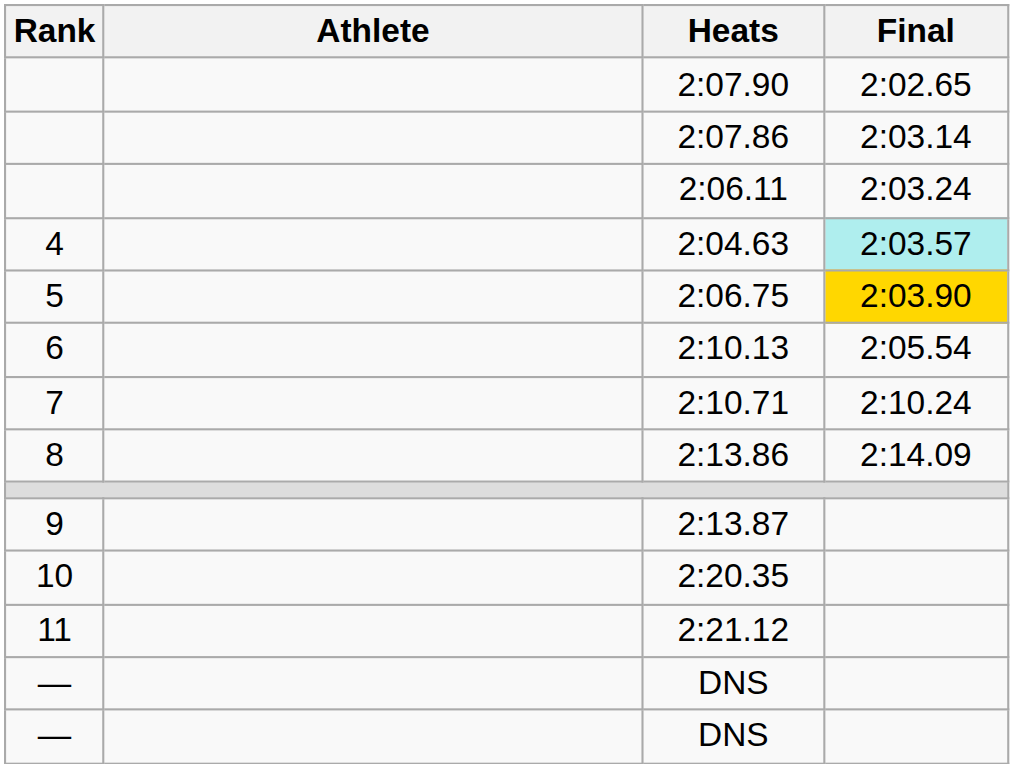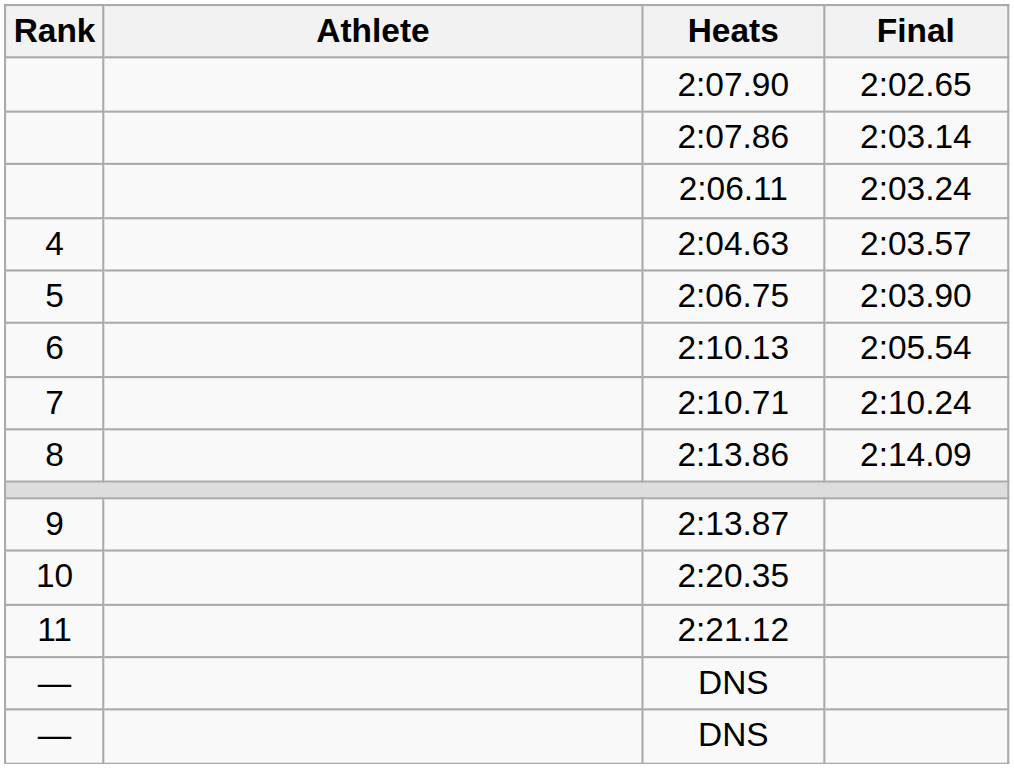 <table class=wikitable style="text-align:center">
 <tr>
 <th width=40>Rank</th>
 <th width=250>Athlete</th>
 <th width=80>Heats</th>
 <th width=80>Final</th>
 </tr>
 <tr>
 <td></td>
 <td align=left></td>
 <td>2:07.90</td>
 <td>2:02.65</td>
 </tr>
 <tr>
 <td></td>
 <td align=left></td>
 <td>2:07.86</td>
 <td>2:03.14</td>
 </tr>
 <tr>
 <td></td>
 <td align=left></td>
 <td>2:06.11</td>
 <td>2:03.24</td>
 </tr>
 <tr>
 <td>4</td>
 <td align=left></td>
 <td>2:04.63</td>
-<td style="background: paleturquoise;">2:03.57</td>
+<td>2:03.57</td>
 </tr>
 <tr>
 <td>5</td>
 <td align=left></td>
 <td>2:06.75</td>
-<td style="background: gold;">2:03.90</td>
+<td>2:03.90</td>
 </tr>
 <tr>
 <td>6</td>
 <td align=left></td>
 <td>2:10.13</td>
 <td>2:05.54</td>
 </tr>
 <tr>
 <td>7</td>
 <td align=left></td>
 <td>2:10.71</td>
 <td>2:10.24</td>
 </tr>
 <tr>
 <td>8</td>
 <td align=left></td>
 <td>2:13.86</td>
 <td>2:14.09</td>
 </tr>
 <tr bgcolor=#DDDDDD>
 <td colspan=4></td>
 </tr>
 <tr>
 <td>9</td>
 <td align=left></td>
 <td>2:13.87</td>
 <td></td>
 </tr>
 <tr>
 <td>10</td>
 <td align=left></td>
 <td>2:20.35</td>
 <td></td>
 </tr>
 <tr>
 <td>11</td>
 <td align=left></td>
 <td>2:21.12</td>
 <td></td>
 </tr>
 <tr>
 <td>—</td>
 <td align=left></td>
 <td>DNS</td>
 <td></td>
 </tr>
 <tr>
 <td>—</td>
 <td align=left></td>
 <td>DNS</td>
 <td></td>
 </tr>
 </table>
